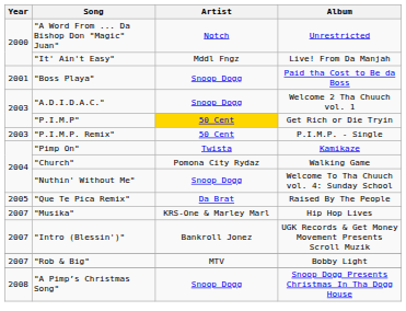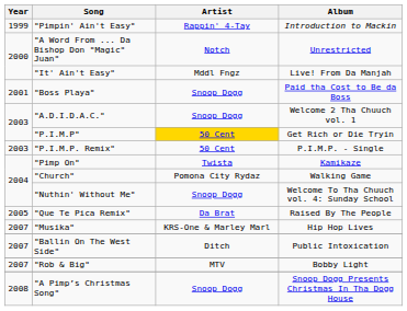 <table class="wikitable" style="font-size: 9pt">
 <tr>
 <th width="33">Year</th>
 <th width="170">Song</th>
 <th width="170">Artist</th>
 <th width="170">Album</th>
+</tr>
+<tr>
+<td align="center">1999</td>
+<td>"Pimpin' Ain't Easy"</td>
+<td align="center"><a href='#'>Rappin' 4-Tay</a></td>
+<td align="center"><em>Introduction to Mackin<strong></td>
 </tr>
 <tr>
 <td rowspan="2" align="center">2000</td>
 <td>"A Word From ... Da Bishop Don "Magic" Juan"</td>
 <td align="center"><a href='#'>Notch</a></td>
 <td align="center"></em><a href='#'>Unrestricted</a><em></td>
 </tr>
 <tr>
 <td>"It' Ain't Easy"</td>
 <td align="center">Mddl Fngz</td>
 <td align="center"></em>Live! From Da Manjah<em></td>
 </tr>
 <tr>
 <td align="center">2001</td>
 <td>"Boss Playa"</td>
 <td align="center"><a href='#'>Snoop Dogg</a></td>
 <td align="center"></em><a href='#'>Paid tha Cost to Be da Boss</a><em></td>
 </tr>
 <tr>
 <td rowspan="2" align="center">2003</td>
 <td>"A.D.I.D.A.C."</td>
 <td align="center"><a href='#'>Snoop Dogg</a></td>
 <td align="center"></em>Welcome 2 Tha Chuuch vol. 1<em></td>
 </tr>
 <tr>
 <td>"P.I.M.P"</td>
 <td align="center" style="background: gold;"><a href='#'>50 Cent</a></td>
 <td align="center"></em>Get Rich or Die Tryin<em></td>
 </tr>
 <tr>
 <td align="center">2003</td>
 <td>"P.I.M.P. Remix"</td>
 <td align="center"><a href='#'>50 Cent</a></td>
 <td align="center"></em>P.I.M.P. - Single<em></td>
 </tr>
 <tr>
 <td rowspan="3" align="center">2004</td>
 <td>"Pimp On"</td>
 <td align="center"><a href='#'>Twista</a></td>
 <td align="center"></em><a href='#'>Kamikaze</a><em></td>
 </tr>
 <tr>
 <td>"Church"</td>
 <td align="center">Pomona City Rydaz</td>
 <td align="center"></em>Walking Game<em></td>
 </tr>
 <tr>
 <td>"Nuthin' Without Me"</td>
 <td align="center"><a href='#'>Snoop Dogg</a></td>
 <td align="center"></em>Welcome To Tha Chuuch vol. 4: Sunday School<em></td>
 </tr>
 <tr>
 <td align="center">2005</td>
 <td>"Que Te Pica Remix"</td>
 <td align="center"><a href='#'>Da Brat</a></td>
 <td align="center"></em>Raised By The People<em></td>
 </tr>
 <tr>
 <td align="center">2007</td>
 <td>"Musika"</td>
 <td align="center">KRS-One & Marley Marl</td>
 <td align="center"></em>Hip Hop Lives<em></td>
 </tr>
 <tr>
-<td align="center">2007</td>
-<td>"Intro (Blessin')"</td>
-<td align="center">Bankroll Jonez</td>
-<td align="center"></em>UGK Records & Get Money Movement Presents Scroll Muzik<em></td>
 </tr>
 <tr>
+<td align="center">2007</td>
+<td>"Ballin On The West Side"</td>
+<td align="center">Ditch</td>
+<td align="center"></em>Public Intoxication<em></td>
 </tr>
 <tr>
 </tr>
 <tr>
 <td align="center">2007</td>
 <td>"Rob & Big"</td>
 <td align="center">MTV</td>
 <td align="center"></em>Bobby Light<em></td>
 </tr>
 <tr>
 </tr>
 <tr>
 <td align="center">2008</td>
 <td>"A Pimp’s Christmas Song"</td>
 <td align="center"><a href='#'>Snoop Dogg</a></td>
 <td align="center"></em><a href='#'>Snoop Dogg Presents Christmas In Tha Dogg House</a><em></td>
 </tr>
 </table>
